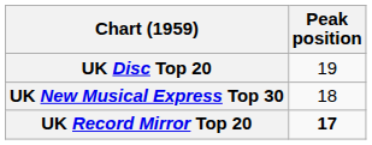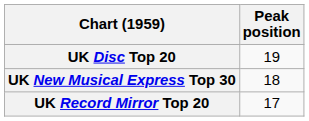 <table class="wikitable sortable plainrowheaders" style="text-align:center">
 <tr>
 <th>Chart (1959)</th>
 <th>Peak<br>position</th>
 </tr>
 <tr>
 <th scope="row">UK <em><a href='#'>Disc</a></em> Top 20</th>
 <td>19</td>
 </tr>
 <tr>
 <th scope="row">UK <em><a href='#'>New Musical Express</a></em> Top 30</th>
 <td>18</td>
 </tr>
 <tr>
 <th scope="row">UK <em><a href='#'>Record Mirror</a></em> Top 20</th>
-<td><strong>17</strong></td>
+<td>17</td>
 </tr>
 </table>
